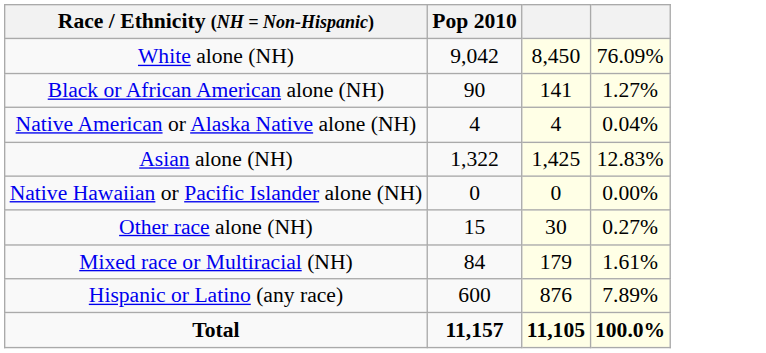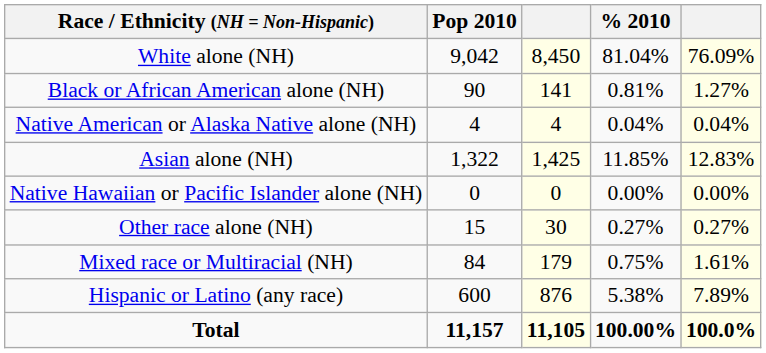 <table class="wikitable" style="text-align:center;">
 <tr>
 <th>Race / Ethnicity <small>(<em>NH = Non-Hispanic</em>)</small></th>
 <th>Pop 2010</th>
 <th></th>
+<th>% 2010</th>
 <th></th>
 </tr>
 <tr>
 <td><a href='#'>White</a> alone (NH)</td>
 <td>9,042</td>
 <td style='background: #ffffe6;'>8,450</td>
+<td>81.04%</td>
 <td style='background: #ffffe6;'>76.09%</td>
 </tr>
 <tr>
 <td><a href='#'>Black or African American</a> alone (NH)</td>
 <td>90</td>
 <td style='background: #ffffe6;'>141</td>
+<td>0.81%</td>
 <td style='background: #ffffe6;'>1.27%</td>
 </tr>
 <tr>
 <td><a href='#'>Native American</a> or <a href='#'>Alaska Native</a> alone (NH)</td>
 <td>4</td>
 <td style='background: #ffffe6;'>4</td>
+<td>0.04%</td>
 <td style='background: #ffffe6;'>0.04%</td>
 </tr>
 <tr>
 <td><a href='#'>Asian</a> alone (NH)</td>
 <td>1,322</td>
 <td style='background: #ffffe6;'>1,425</td>
+<td>11.85%</td>
 <td style='background: #ffffe6;'>12.83%</td>
 </tr>
 <tr>
 <td><a href='#'>Native Hawaiian</a> or <a href='#'>Pacific Islander</a> alone (NH)</td>
 <td>0</td>
 <td style='background: #ffffe6;'>0</td>
+<td>0.00%</td>
 <td style='background: #ffffe6;'>0.00%</td>
 </tr>
 <tr>
 <td><a href='#'>Other race</a> alone (NH)</td>
 <td>15</td>
 <td style='background: #ffffe6;'>30</td>
+<td>0.27%</td>
 <td style='background: #ffffe6;'>0.27%</td>
 </tr>
 <tr>
 <td><a href='#'>Mixed race or Multiracial</a> (NH)</td>
 <td>84</td>
 <td style='background: #ffffe6;'>179</td>
+<td>0.75%</td>
 <td style='background: #ffffe6;'>1.61%</td>
 </tr>
 <tr>
 <td><a href='#'>Hispanic or Latino</a> (any race)</td>
 <td>600</td>
 <td style='background: #ffffe6;'>876</td>
+<td>5.38%</td>
 <td style='background: #ffffe6;'>7.89%</td>
 </tr>
 <tr>
 <td><strong>Total</strong></td>
 <td><strong>11,157</strong></td>
 <td style='background: #ffffe6;'><strong>11,105</strong></td>
+<td><strong>100.00%</strong></td>
 <td style='background: #ffffe6;'><strong>100.0%</strong></td>
 </tr>
 </table>
